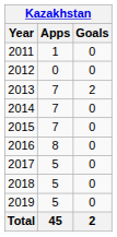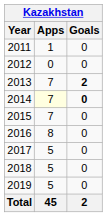 <table class="wikitable" style="text-align:center">
 <tr>
 <th colspan=3><a href='#'>Kazakhstan</a></th>
 </tr>
 <tr>
 <th>Year</th>
 <th>Apps</th>
 <th>Goals</th>
 </tr>
 <tr>
 <td>2011</td>
 <td>1</td>
 <td>0</td>
 </tr>
 <tr>
 <td>2012</td>
 <td>0</td>
 <td>0</td>
 </tr>
 <tr>
 <td>2013</td>
 <td>7</td>
-<td>2</td>
+<td><strong>2</strong></td>
 </tr>
 <tr>
 <td>2014</td>
-<td>7</td>
-<td>0</td>
+<td style="background: lightyellow;">7</td>
+<td><strong>0</strong></td>
 </tr>
 <tr>
 <td>2015</td>
 <td>7</td>
 <td>0</td>
 </tr>
 <tr>
 <td>2016</td>
 <td>8</td>
 <td>0</td>
 </tr>
 <tr>
 <td>2017</td>
 <td>5</td>
 <td>0</td>
 </tr>
 <tr>
 <td>2018</td>
 <td>5</td>
 <td>0</td>
 </tr>
 <tr>
 <td>2019</td>
 <td>5</td>
 <td>0</td>
 </tr>
 <tr>
 <th>Total</th>
 <th>45</th>
 <th>2</th>
 </tr>
 </table>
